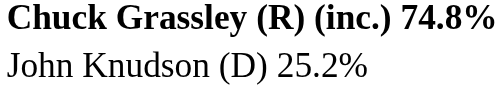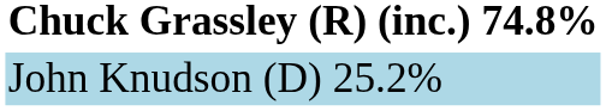 <table>
 <tr>
 <td><strong>Chuck Grassley (R) (inc.) 74.8%</strong></td>
 </tr>
 <tr>
-<td>John Knudson (D) 25.2%</td>
+<td style="background: lightblue;">John Knudson (D) 25.2%</td>
 </tr>
 </table>
